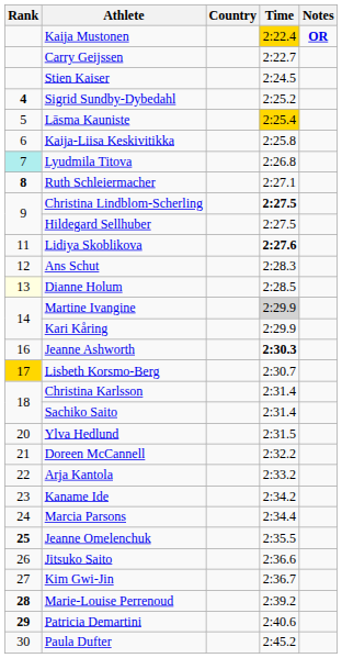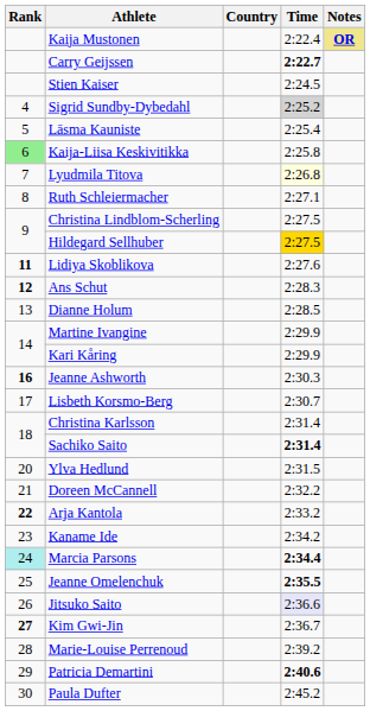 <table class="wikitable sortable" style="text-align:center">
 <tr>
 <th>Rank</th>
 <th>Athlete</th>
 <th>Country</th>
 <th>Time</th>
 <th>Notes</th>
 </tr>
 <tr>
 <td></td>
 <td align=left><a href='#'>Kaija Mustonen</a></td>
 <td align=left></td>
-<td style="background: gold;">2:22.4</td>
-<td><strong><a href='#'>OR</a></strong></td>
+<td>2:22.4</td>
+<td style="background: khaki;"><strong><a href='#'>OR</a></strong></td>
 </tr>
 <tr>
 <td></td>
 <td align=left><a href='#'>Carry Geijssen</a></td>
 <td align=left></td>
-<td>2:22.7</td>
+<td><strong>2:22.7</strong></td>
 <td></td>
 </tr>
 <tr>
 <td></td>
 <td align=left><a href='#'>Stien Kaiser</a></td>
 <td align=left></td>
 <td>2:24.5</td>
 <td></td>
 </tr>
 <tr>
-<td><strong>4</strong></td>
+<td>4</td>
 <td align=left><a href='#'>Sigrid Sundby-Dybedahl</a></td>
 <td align=left></td>
-<td>2:25.2</td>
+<td style="background: lightgrey;">2:25.2</td>
 <td></td>
 </tr>
 <tr>
 <td>5</td>
 <td align=left><a href='#'>Lāsma Kauniste</a></td>
 <td align=left></td>
-<td style="background: gold;">2:25.4</td>
+<td>2:25.4</td>
 <td></td>
 </tr>
 <tr>
-<td>6</td>
+<td style="background: lightgreen;">6</td>
 <td align=left><a href='#'>Kaija-Liisa Keskivitikka</a></td>
 <td align=left></td>
 <td>2:25.8</td>
 <td></td>
 </tr>
 <tr>
-<td style="background: paleturquoise;">7</td>
+<td>7</td>
 <td align=left><a href='#'>Lyudmila Titova</a></td>
 <td align=left></td>
-<td>2:26.8</td>
+<td style="background: lightyellow;">2:26.8</td>
 <td></td>
 </tr>
 <tr>
-<td><strong>8</strong></td>
+<td>8</td>
 <td align=left><a href='#'>Ruth Schleiermacher</a></td>
 <td align=left></td>
 <td>2:27.1</td>
 <td></td>
 </tr>
 <tr>
 <td rowspan=2>9</td>
 <td align=left><a href='#'>Christina Lindblom-Scherling</a></td>
 <td align=left></td>
-<td><strong>2:27.5</strong></td>
+<td>2:27.5</td>
 <td></td>
 </tr>
 <tr>
 <td align=left><a href='#'>Hildegard Sellhuber</a></td>
 <td align=left></td>
-<td>2:27.5</td>
+<td style="background: gold;">2:27.5</td>
 <td></td>
 </tr>
 <tr>
-<td>11</td>
+<td><strong>11</strong></td>
 <td align=left><a href='#'>Lidiya Skoblikova</a></td>
 <td align=left></td>
-<td><strong>2:27.6</strong></td>
+<td>2:27.6</td>
 <td></td>
 </tr>
 <tr>
-<td>12</td>
+<td><strong>12</strong></td>
 <td align=left><a href='#'>Ans Schut</a></td>
 <td align=left></td>
 <td>2:28.3</td>
 <td></td>
 </tr>
 <tr>
-<td style="background: lightyellow;">13</td>
+<td>13</td>
 <td align=left><a href='#'>Dianne Holum</a></td>
 <td align=left></td>
 <td>2:28.5</td>
 <td></td>
 </tr>
 <tr>
 <td rowspan=2>14</td>
 <td align=left><a href='#'>Martine Ivangine</a></td>
 <td align=left></td>
-<td style="background: lightgrey;">2:29.9</td>
+<td>2:29.9</td>
 <td></td>
 </tr>
 <tr>
 <td align=left><a href='#'>Kari Kåring</a></td>
 <td align=left></td>
 <td>2:29.9</td>
 <td></td>
 </tr>
 <tr>
-<td>16</td>
+<td><strong>16</strong></td>
 <td align=left><a href='#'>Jeanne Ashworth</a></td>
 <td align=left></td>
-<td><strong>2:30.3</strong></td>
+<td>2:30.3</td>
 <td></td>
 </tr>
 <tr>
-<td style="background: gold;">17</td>
+<td>17</td>
 <td align=left><a href='#'>Lisbeth Korsmo-Berg</a></td>
 <td align=left></td>
 <td>2:30.7</td>
 <td></td>
 </tr>
 <tr>
 <td rowspan=2>18</td>
 <td align=left><a href='#'>Christina Karlsson</a></td>
 <td align=left></td>
 <td>2:31.4</td>
 <td></td>
 </tr>
 <tr>
 <td align=left><a href='#'>Sachiko Saito</a></td>
 <td align=left></td>
-<td>2:31.4</td>
+<td><strong>2:31.4</strong></td>
 <td></td>
 </tr>
 <tr>
 <td>20</td>
 <td align=left><a href='#'>Ylva Hedlund</a></td>
 <td align=left></td>
 <td>2:31.5</td>
 <td></td>
 </tr>
 <tr>
 <td>21</td>
 <td align=left><a href='#'>Doreen McCannell</a></td>
 <td align=left></td>
 <td>2:32.2</td>
 <td></td>
 </tr>
 <tr>
-<td>22</td>
+<td><strong>22</strong></td>
 <td align=left><a href='#'>Arja Kantola</a></td>
 <td align=left></td>
 <td>2:33.2</td>
 <td></td>
 </tr>
 <tr>
 <td>23</td>
 <td align=left><a href='#'>Kaname Ide</a></td>
 <td align=left></td>
 <td>2:34.2</td>
 <td></td>
 </tr>
 <tr>
-<td>24</td>
+<td style="background: paleturquoise;">24</td>
 <td align=left><a href='#'>Marcia Parsons</a></td>
 <td align=left></td>
-<td>2:34.4</td>
+<td><strong>2:34.4</strong></td>
 <td></td>
 </tr>
 <tr>
-<td><strong>25</strong></td>
+<td>25</td>
 <td align=left><a href='#'>Jeanne Omelenchuk</a></td>
 <td align=left></td>
-<td>2:35.5</td>
+<td><strong>2:35.5</strong></td>
 <td></td>
 </tr>
 <tr>
 <td>26</td>
 <td align=left><a href='#'>Jitsuko Saito</a></td>
 <td align=left></td>
-<td>2:36.6</td>
+<td style="background: lavender;">2:36.6</td>
 <td></td>
 </tr>
 <tr>
-<td>27</td>
+<td><strong>27</strong></td>
 <td align=left><a href='#'>Kim Gwi-Jin</a></td>
 <td align=left></td>
 <td>2:36.7</td>
 <td></td>
 </tr>
 <tr>
-<td><strong>28</strong></td>
+<td>28</td>
 <td align=left><a href='#'>Marie-Louise Perrenoud</a></td>
 <td align=left></td>
 <td>2:39.2</td>
 <td></td>
 </tr>
 <tr>
-<td><strong>29</strong></td>
+<td>29</td>
 <td align=left><a href='#'>Patricia Demartini</a></td>
 <td align=left></td>
-<td>2:40.6</td>
+<td><strong>2:40.6</strong></td>
 <td></td>
 </tr>
 <tr>
 <td>30</td>
 <td align=left><a href='#'>Paula Dufter</a></td>
 <td align=left></td>
 <td>2:45.2</td>
 <td></td>
 </tr>
 </table>
